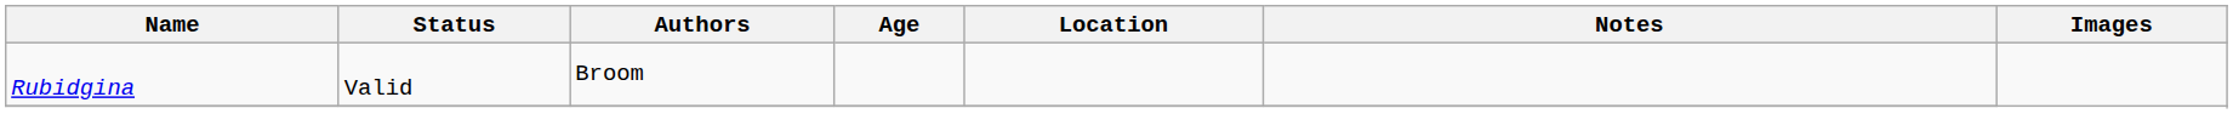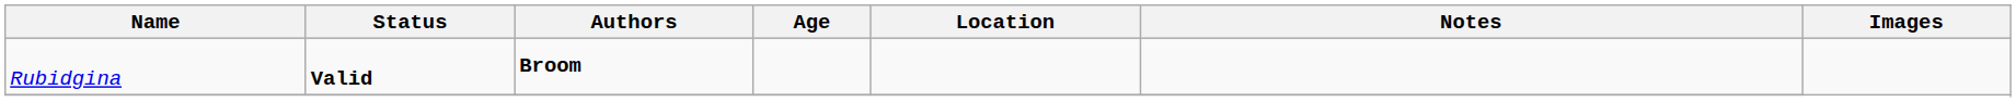 <table class="wikitable sortable" align="center" width="100%">
 <tr>
 <th>Name</th>
 <th>Status</th>
 <th>Authors</th>
 <th>Age</th>
 <th>Location</th>
 <th width="33%" class="unsortable">Notes</th>
 <th class="unsortable">Images<br>  </th>
 </tr>
 <tr>
 <td><br><em><a href='#'>Rubidgina</a></em></td>
-<td><br>Valid</td>
-<td>Broom</td>
+<td><strong><br>Valid</strong></td>
+<td><strong>Broom</strong></td>
 <td></td>
 <td></td>
 <td></td>
 <td rowspan="98"></td>
 </tr>
 <tr>
 </tr>
 </table>
